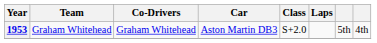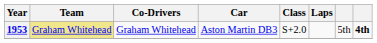 <table class="wikitable" style="text-align:center; font-size:90%">
 <tr>
 <th>Year</th>
 <th>Team</th>
 <th>Co-Drivers</th>
 <th>Car</th>
 <th>Class</th>
 <th>Laps</th>
 <th></th>
 <th></th>
 </tr>
 <tr>
 <th><a href='#'>1953</a></th>
-<td align="left"> <a href='#'>Graham Whitehead</a></td>
+<td align="left" style="background: khaki;"> <a href='#'>Graham Whitehead</a></td>
 <td align="left"> <a href='#'>Graham Whitehead</a></td>
 <td align="left"><a href='#'>Aston Martin DB3</a></td>
 <td>S+2.0</td>
 <td></td>
 <td>5th</td>
-<td>4th</td>
+<td><strong>4th</strong></td>
 </tr>
 <tr>
 </tr>
 </table>
